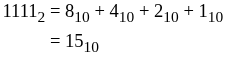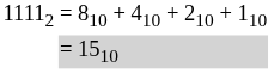 <table>
 <tr>
 <td>1111<sub>2</sub></td>
 <td>= 8<sub>10</sub> + 4<sub>10</sub> + 2<sub>10</sub> + 1<sub>10</sub></td>
 </tr>
 <tr>
 <td> </td>
-<td>= 15<sub>10</sub></td>
+<td style="background: lightgrey;">= 15<sub>10</sub></td>
 </tr>
 </table>
